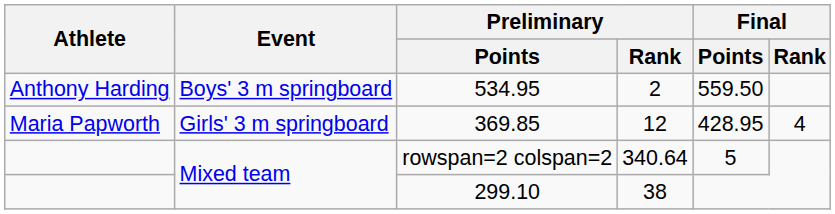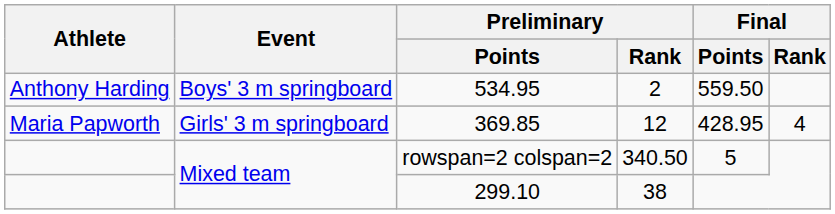 <table class="wikitable" style="text-align:center;font-size:90%">
 <tr>
 <th rowspan=2>Athlete</th>
 <th rowspan=2>Event</th>
 <th colspan=2>Preliminary</th>
 <th colspan=2>Final</th>
 </tr>
 <tr>
 <th>Points</th>
 <th>Rank</th>
 <th>Points</th>
 <th>Rank</th>
 </tr>
 <tr>
 <td align=left><a href='#'>Anthony Harding</a></td>
 <td align=left><a href='#'>Boys' 3 m springboard</a></td>
 <td>534.95</td>
 <td>2</td>
 <td>559.50</td>
 <td></td>
 </tr>
 <tr>
 <td align=left><a href='#'>Maria Papworth</a></td>
 <td align=left><a href='#'>Girls' 3 m springboard</a></td>
 <td>369.85</td>
 <td>12</td>
 <td>428.95</td>
 <td>4</td>
 </tr>
 <tr>
 <td align=left><br></td>
 <td rowspan=2 align=left><a href='#'>Mixed team</a></td>
 <td>rowspan=2 colspan=2 </td>
-<td>340.64</td>
+<td>340.50</td>
 <td>5</td>
 </tr>
 <tr>
 <td align=left><br></td>
 <td>299.10</td>
 <td>38</td>
 </tr>
 </table>
